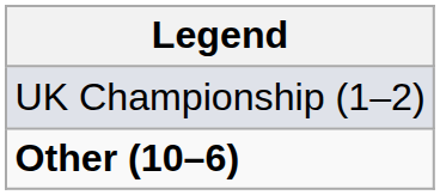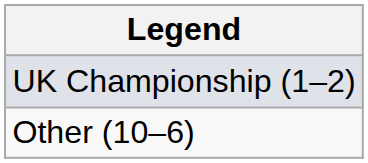 <table class="wikitable">
 <tr>
 <th>Legend</th>
 </tr>
 <tr bgcolor="dfe2e9">
 <td>UK Championship (1–2)</td>
 </tr>
 <tr bgcolor=>
-<td><strong>Other (10–6)</strong></td>
+<td>Other (10–6)</td>
 </tr>
 </table>
